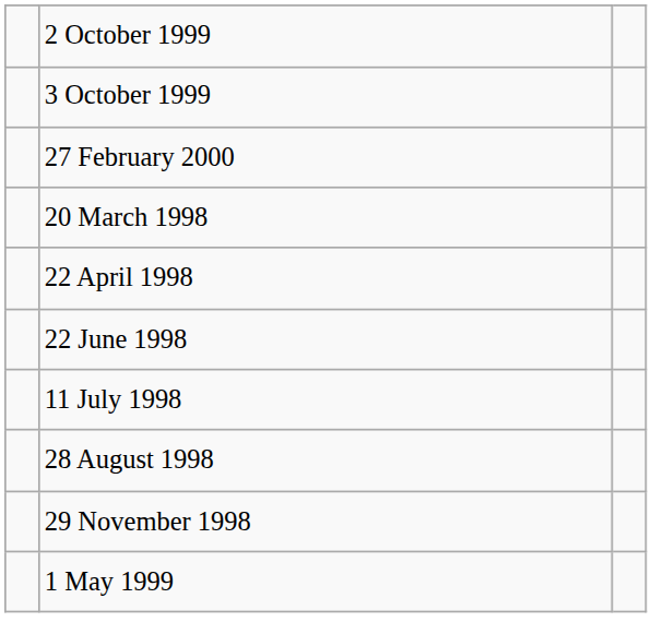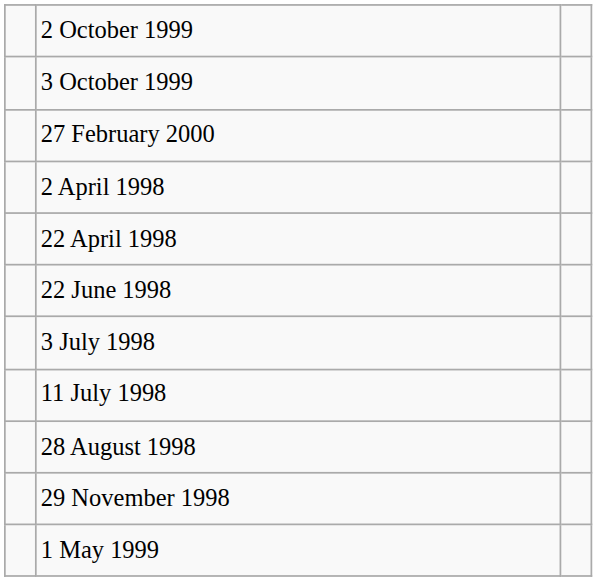 <table class="wikitable" style="font-size: 89%; float: left; width: 24em; margin-right: 1em; line-height: 1.65em !important; height: 324px;">
 <tr>
 <td></td>
 <td>2 October 1999</td>
 <td></td>
 </tr>
 <tr>
 <td></td>
 <td>3 October 1999</td>
 <td></td>
 </tr>
 <tr>
 <td></td>
 <td>27 February 2000</td>
 <td></td>
 </tr>
 <tr>
 <td></td>
-<td>20 March 1998</td>
+<td>2 April 1998</td>
 <td></td>
 </tr>
 <tr>
 <td></td>
 <td>22 April 1998</td>
 <td></td>
 </tr>
 <tr>
 <td></td>
 <td>22 June 1998</td>
+<td></td>
+</tr>
+<tr>
+<td></td>
+<td>3 July 1998</td>
 <td></td>
 </tr>
 <tr>
 <td></td>
 <td>11 July 1998</td>
 <td></td>
 </tr>
 <tr>
 <td></td>
 <td>28 August 1998</td>
 <td></td>
 </tr>
 <tr>
 <td></td>
 <td>29 November 1998</td>
 <td></td>
 </tr>
 <tr>
 <td></td>
 <td>1 May 1999</td>
 <td></td>
 </tr>
 </table>
